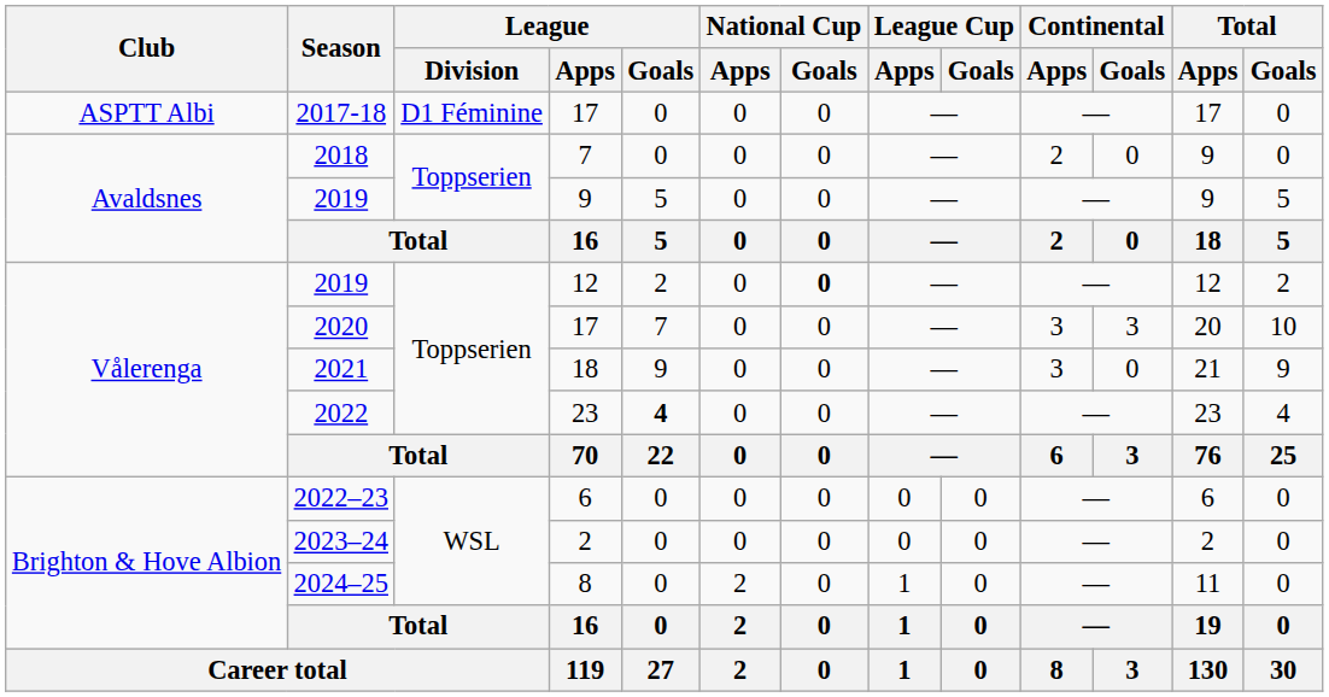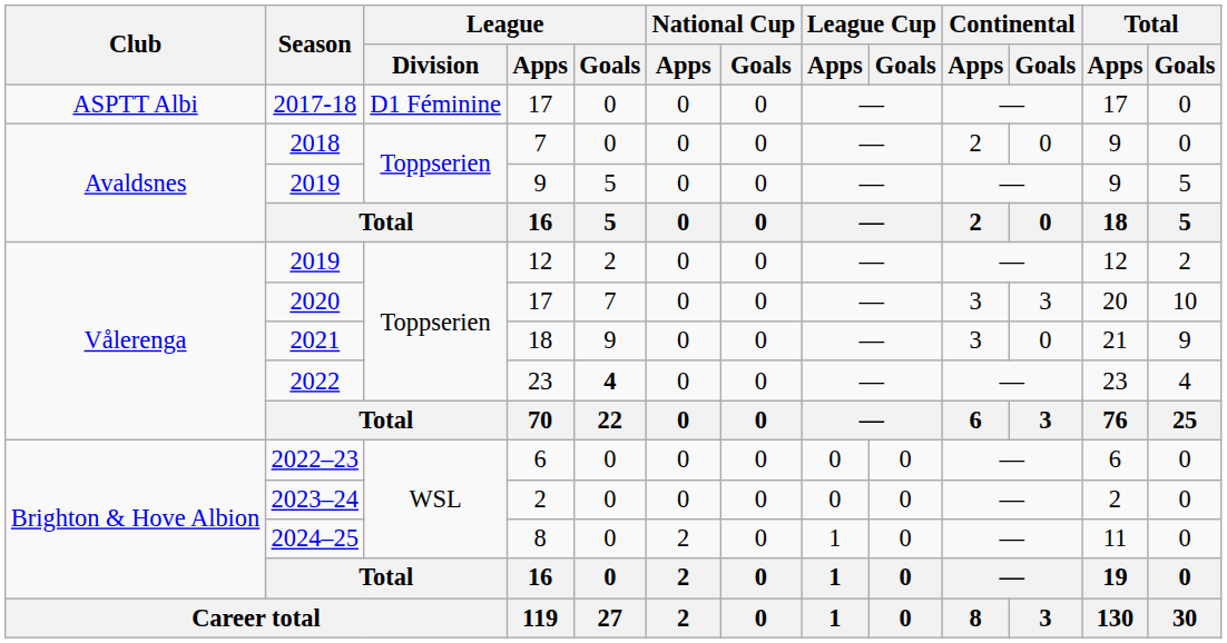 <table class="wikitable" style="text-align:center">
 <tr>
 <th rowspan="2">Club</th>
 <th rowspan="2">Season</th>
 <th colspan="3">League</th>
 <th colspan="2">National Cup</th>
 <th colspan="2">League Cup</th>
 <th colspan="2">Continental</th>
 <th colspan="2">Total</th>
 </tr>
 <tr>
 <th>Division</th>
 <th>Apps</th>
 <th>Goals</th>
 <th>Apps</th>
 <th>Goals</th>
 <th>Apps</th>
 <th>Goals</th>
 <th>Apps</th>
 <th>Goals</th>
 <th>Apps</th>
 <th>Goals</th>
 </tr>
 <tr>
 <td><a href='#'>ASPTT Albi</a></td>
 <td><a href='#'>2017-18</a></td>
 <td><a href='#'>D1 Féminine</a></td>
 <td>17</td>
 <td>0</td>
 <td>0</td>
 <td>0</td>
 <td colspan=2>—</td>
 <td colspan=2>—</td>
 <td>17</td>
 <td>0</td>
 </tr>
 <tr>
 <td rowspan="3"><a href='#'>Avaldsnes</a></td>
 <td><a href='#'>2018</a></td>
 <td rowspan="2"><a href='#'>Toppserien</a></td>
 <td>7</td>
 <td>0</td>
 <td>0</td>
 <td>0</td>
 <td colspan=2>—</td>
 <td>2</td>
 <td>0</td>
 <td>9</td>
 <td>0</td>
 </tr>
 <tr>
 <td><a href='#'>2019</a></td>
 <td>9</td>
 <td>5</td>
 <td>0</td>
 <td>0</td>
 <td colspan=2>—</td>
 <td colspan=2>—</td>
 <td>9</td>
 <td>5</td>
 </tr>
 <tr>
 <th colspan="2">Total</th>
 <th>16</th>
 <th>5</th>
 <th>0</th>
 <th>0</th>
 <th colspan=2>—</th>
 <th>2</th>
 <th>0</th>
 <th>18</th>
 <th>5</th>
 </tr>
 <tr>
 <td rowspan="5"><a href='#'>Vålerenga</a></td>
 <td><a href='#'>2019</a></td>
 <td rowspan="4">Toppserien</td>
 <td>12</td>
 <td>2</td>
 <td>0</td>
-<td><strong>0</strong></td>
+<td>0</td>
 <td colspan=2>—</td>
 <td colspan=2>—</td>
 <td>12</td>
 <td>2</td>
 </tr>
 <tr>
 <td><a href='#'>2020</a></td>
 <td>17</td>
 <td>7</td>
 <td>0</td>
 <td>0</td>
 <td colspan=2>—</td>
 <td>3</td>
 <td>3</td>
 <td>20</td>
 <td>10</td>
 </tr>
 <tr>
 <td><a href='#'>2021</a></td>
 <td>18</td>
 <td>9</td>
 <td>0</td>
 <td>0</td>
 <td colspan=2>—</td>
 <td>3</td>
 <td>0</td>
 <td>21</td>
 <td>9</td>
 </tr>
 <tr>
 <td><a href='#'>2022</a></td>
 <td>23</td>
 <td><strong>4</strong></td>
 <td>0</td>
 <td>0</td>
 <td colspan=2>—</td>
 <td colspan=2>—</td>
 <td>23</td>
 <td>4</td>
 </tr>
 <tr>
 <th colspan="2">Total</th>
 <th>70</th>
 <th>22</th>
 <th>0</th>
 <th>0</th>
 <th colspan=2>—</th>
 <th>6</th>
 <th>3</th>
 <th>76</th>
 <th>25</th>
 </tr>
 <tr>
 <td rowspan="4"><a href='#'>Brighton & Hove Albion</a></td>
 <td><a href='#'>2022–23</a></td>
 <td rowspan="3">WSL</td>
 <td>6</td>
 <td>0</td>
 <td>0</td>
 <td>0</td>
 <td>0</td>
 <td>0</td>
 <td colspan=2>—</td>
 <td>6</td>
 <td>0</td>
 </tr>
 <tr>
 <td><a href='#'>2023–24</a></td>
 <td>2</td>
 <td>0</td>
 <td>0</td>
 <td>0</td>
 <td>0</td>
 <td>0</td>
 <td colspan=2>—</td>
 <td>2</td>
 <td>0</td>
 </tr>
 <tr>
 <td><a href='#'>2024–25</a></td>
 <td>8</td>
 <td>0</td>
 <td>2</td>
 <td>0</td>
 <td>1</td>
 <td>0</td>
 <td colspan=2>—</td>
 <td>11</td>
 <td>0</td>
 </tr>
 <tr>
 <th colspan="2">Total</th>
 <th>16</th>
 <th>0</th>
 <th>2</th>
 <th>0</th>
 <th>1</th>
 <th>0</th>
 <th colspan=2>—</th>
 <th>19</th>
 <th>0</th>
 </tr>
 <tr>
 <th colspan="3">Career total</th>
 <th>119</th>
 <th>27</th>
 <th>2</th>
 <th>0</th>
 <th>1</th>
 <th>0</th>
 <th>8</th>
 <th>3</th>
 <th>130</th>
 <th>30</th>
 </tr>
 </table>
